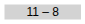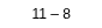 <table style="text-align:center">
 <tr>
 <th width=200></th>
 <th width=100></th>
 <th width=200></th>
 </tr>
 <tr>
 <td align=right><strong></strong></td>
-<td style="background: lightgrey;">11 – 8</td>
+<td>11 – 8</td>
 <td align=left></td>
 </tr>
 </table>
